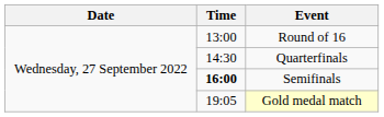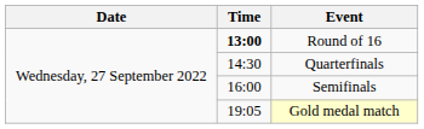 <table class = "wikitable" style="text-align:center;">
 <tr>
 <th width=220>Date</th>
 <th width=50>Time</th>
 <th width=150>Event</th>
 </tr>
 <tr>
 <td rowspan=4>Wednesday, 27 September 2022</td>
-<td>13:00</td>
+<td><strong>13:00</strong></td>
 <td>Round of 16</td>
 </tr>
 <tr>
 <td>14:30</td>
 <td>Quarterfinals</td>
 </tr>
 <tr>
-<td><strong>16:00</strong></td>
+<td>16:00</td>
 <td>Semifinals</td>
 </tr>
 <tr>
 <td>19:05</td>
 <td bgcolor=ffffcc>Gold medal match</td>
 </tr>
 </table>
